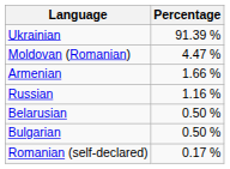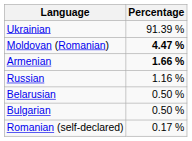 <table class="wikitable">
 <tr>
 <th>Language</th>
 <th>Percentage</th>
 </tr>
 <tr>
 <td><a href='#'>Ukrainian</a></td>
 <td align="right">91.39 %</td>
 </tr>
 <tr>
 <td><a href='#'>Moldovan</a> (<a href='#'>Romanian</a>)</td>
-<td align="right">4.47 %</td>
+<td align="right"><strong>4.47 %</strong></td>
 </tr>
 <tr>
 <td><a href='#'>Armenian</a></td>
-<td align="right">1.66 %</td>
+<td align="right"><strong>1.66 %</strong></td>
 </tr>
 <tr>
 <td><a href='#'>Russian</a></td>
 <td align="right">1.16 %</td>
 </tr>
 <tr>
 <td><a href='#'>Belarusian</a></td>
 <td align="right">0.50 %</td>
 </tr>
 <tr>
 <td><a href='#'>Bulgarian</a></td>
 <td align="right">0.50 %</td>
 </tr>
 <tr>
 <td><a href='#'>Romanian</a> (self-declared)</td>
 <td align="right">0.17 %</td>
 </tr>
 </table>
